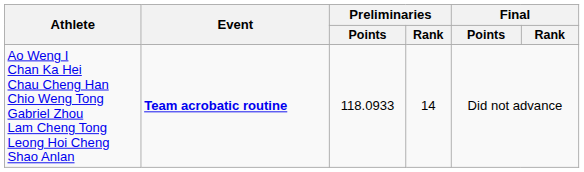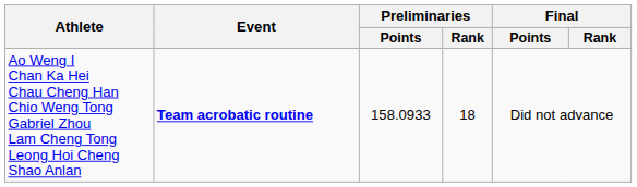 <table class="wikitable" style="text-align:center; font-size:90%; width:50%;">
 <tr>
 <th rowspan="2">Athlete</th>
 <th rowspan="2">Event</th>
 <th colspan="2">Preliminaries</th>
 <th colspan="2">Final</th>
 </tr>
 <tr style="font-size:95%">
 <th>Points</th>
 <th>Rank</th>
 <th>Points</th>
 <th>Rank</th>
 </tr>
 <tr>
 <td align=left><a href='#'>Ao Weng I</a> <br><a href='#'>Chan Ka Hei</a><br><a href='#'>Chau Cheng Han</a><br><a href='#'>Chio Weng Tong</a><br><a href='#'>Gabriel Zhou</a><br><a href='#'>Lam Cheng Tong</a><br><a href='#'>Leong Hoi Cheng</a><br><a href='#'>Shao Anlan</a></td>
 <td align=left><strong><a href='#'>Team acrobatic routine</a></strong></td>
-<td>118.0933</td>
-<td>14</td>
+<td>158.0933</td>
+<td>18</td>
 <td colspan=2>Did not advance</td>
 </tr>
 </table>
